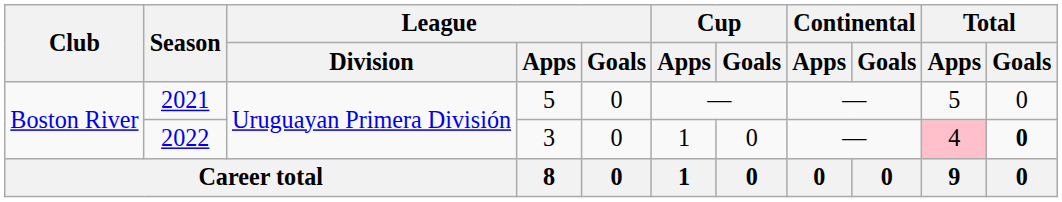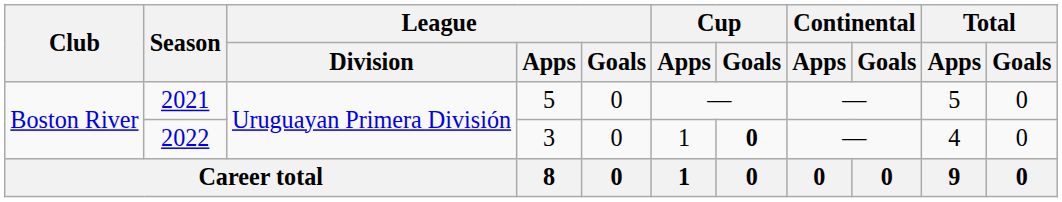 <table class="wikitable" Style="text-align: center">
 <tr>
 <th rowspan="2">Club</th>
 <th rowspan="2">Season</th>
 <th colspan="3">League</th>
 <th colspan="2">Cup</th>
 <th colspan="2">Continental</th>
 <th colspan="2">Total</th>
 </tr>
 <tr>
 <th>Division</th>
 <th>Apps</th>
 <th>Goals</th>
 <th>Apps</th>
 <th>Goals</th>
 <th>Apps</th>
 <th>Goals</th>
 <th>Apps</th>
 <th>Goals</th>
 </tr>
 <tr>
 <td rowspan="2"><a href='#'>Boston River</a></td>
 <td><a href='#'>2021</a></td>
 <td rowspan="2"><a href='#'>Uruguayan Primera División</a></td>
 <td>5</td>
 <td>0</td>
 <td colspan="2">—</td>
 <td colspan="2">—</td>
 <td>5</td>
 <td>0</td>
 </tr>
 <tr>
 <td><a href='#'>2022</a></td>
 <td>3</td>
 <td>0</td>
 <td>1</td>
+<td><strong>0</strong></td>
+<td colspan="2">—</td>
+<td>4</td>
 <td>0</td>
-<td colspan="2">—</td>
-<td style="background: pink;">4</td>
-<td><strong>0</strong></td>
 </tr>
 <tr>
 <th colspan="3">Career total</th>
 <th>8</th>
 <th>0</th>
 <th>1</th>
 <th>0</th>
 <th>0</th>
 <th>0</th>
 <th>9</th>
 <th>0</th>
 </tr>
 </table>
